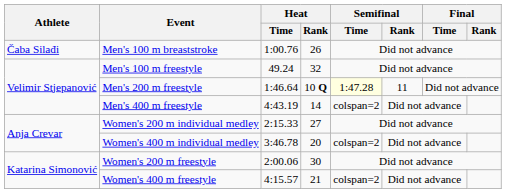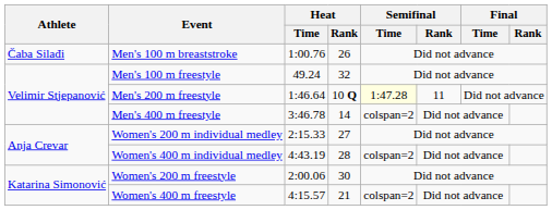 <table class=wikitable style="font-size:90%">
 <tr>
 <th rowspan="2">Athlete</th>
 <th rowspan="2">Event</th>
 <th colspan="2">Heat</th>
 <th colspan="2">Semifinal</th>
 <th colspan="2">Final</th>
 </tr>
 <tr style="font-size:95%">
 <th>Time</th>
 <th>Rank</th>
 <th>Time</th>
 <th>Rank</th>
 <th>Time</th>
 <th>Rank</th>
 </tr>
 <tr align=center>
 <td align=left><a href='#'>Čaba Silađi</a></td>
 <td align=left><a href='#'>Men's 100 m breaststroke</a></td>
 <td>1:00.76</td>
 <td>26</td>
 <td colspan=4>Did not advance</td>
 </tr>
 <tr align=center>
 <td align=left rowspan=3><a href='#'>Velimir Stjepanović</a></td>
 <td align=left><a href='#'>Men's 100 m freestyle</a></td>
 <td>49.24</td>
 <td>32</td>
 <td colspan=4>Did not advance</td>
 </tr>
 <tr align=center>
 <td align=left><a href='#'>Men's 200 m freestyle</a></td>
 <td>1:46.64</td>
 <td>10 <strong>Q</strong></td>
 <td style="background: lightyellow;">1:47.28</td>
 <td>11</td>
 <td colspan=2>Did not advance</td>
 </tr>
 <tr align=center>
 <td align=left><a href='#'>Men's 400 m freestyle</a></td>
-<td>4:43.19</td>
+<td>3:46.78</td>
 <td>14</td>
 <td>colspan=2 </td>
 <td colspan=2>Did not advance</td>
 </tr>
 <tr align=center>
 <td align=left rowspan=2><a href='#'>Anja Crevar</a></td>
 <td align=left><a href='#'>Women's 200 m individual medley</a></td>
 <td>2:15.33</td>
 <td>27</td>
 <td colspan=4>Did not advance</td>
 </tr>
 <tr align=center>
 <td align=left><a href='#'>Women's 400 m individual medley</a></td>
-<td>3:46.78</td>
-<td>20</td>
+<td>4:43.19</td>
+<td>28</td>
 <td>colspan=2 </td>
 <td colspan=2>Did not advance</td>
 </tr>
 <tr align=center>
 <td align=left rowspan=2><a href='#'>Katarina Simonović</a></td>
 <td align=left><a href='#'>Women's 200 m freestyle</a></td>
 <td>2:00.06</td>
 <td>30</td>
 <td colspan=4>Did not advance</td>
 </tr>
 <tr align=center>
 <td align=left><a href='#'>Women's 400 m freestyle</a></td>
 <td>4:15.57</td>
 <td>21</td>
 <td>colspan=2 </td>
 <td colspan=2>Did not advance</td>
 </tr>
 </table>
